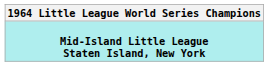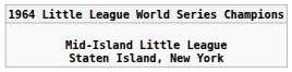 <table class="wikitable" style="text-align: center; margin: 0 auto;">
 <tr>
 <th>1964 Little League World Series Champions</th>
 </tr>
 <tr>
-<td style="background: paleturquoise;"> <br><strong>Mid-Island Little League</strong><br><strong>Staten Island, New York</strong></td>
+<td> <br><strong>Mid-Island Little League</strong><br><strong>Staten Island, New York</strong></td>
 </tr>
 </table>
